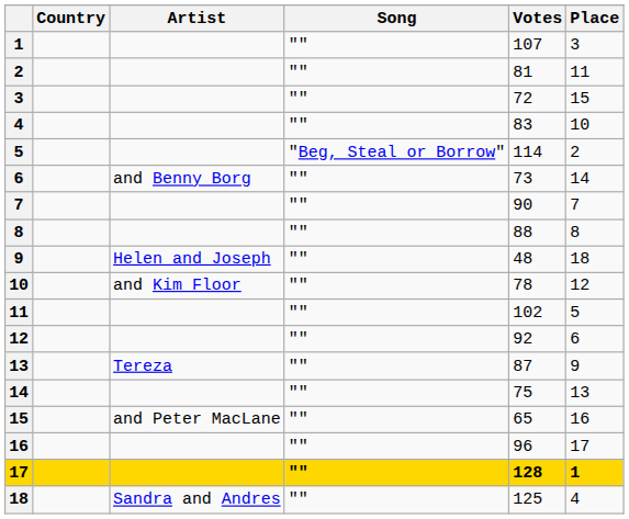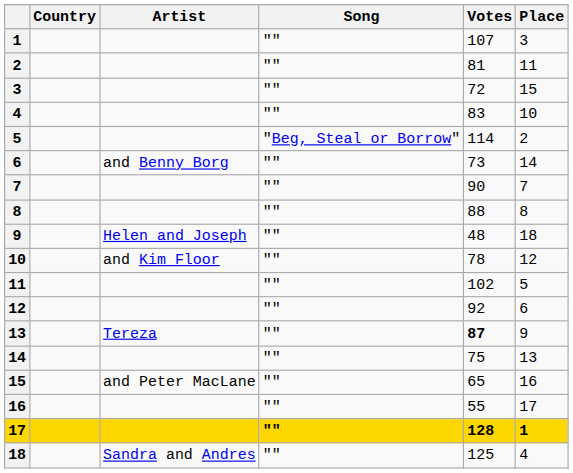 <table class="sortable wikitable plainrowheaders">
 <tr>
 </tr>
 <tr>
 <th scope="col"></th>
 <th scope="col">Country</th>
 <th scope="col">Artist</th>
 <th scope="col">Song</th>
 <th scope="col" class="unsortable">Votes</th>
 <th scope="col">Place</th>
 </tr>
 <tr>
 <th scope="row" style="text-align:center;">1</th>
 <td></td>
 <td></td>
 <td>""</td>
 <td>107</td>
 <td>3</td>
 </tr>
 <tr>
 <th scope="row" style="text-align:center;">2</th>
 <td></td>
 <td></td>
 <td>""</td>
 <td>81</td>
 <td>11</td>
 </tr>
 <tr>
 <th scope="row" style="text-align:center;">3</th>
 <td></td>
 <td></td>
 <td>""</td>
 <td>72</td>
 <td>15</td>
 </tr>
 <tr>
 <th scope="row" style="text-align:center;">4</th>
 <td></td>
 <td></td>
 <td>""</td>
 <td>83</td>
 <td>10</td>
 </tr>
 <tr>
 <th scope="row" style="text-align:center;">5</th>
 <td></td>
 <td></td>
 <td>"<a href='#'>Beg, Steal or Borrow</a>"</td>
 <td>114</td>
 <td>2</td>
 </tr>
 <tr>
 <th scope="row" style="text-align:center;">6</th>
 <td></td>
 <td> and <a href='#'>Benny Borg</a></td>
 <td>""</td>
 <td>73</td>
 <td>14</td>
 </tr>
 <tr>
 <th scope="row" style="text-align:center;">7</th>
 <td></td>
 <td></td>
 <td>""</td>
 <td>90</td>
 <td>7</td>
 </tr>
 <tr>
 <th scope="row" style="text-align:center;">8</th>
 <td></td>
 <td></td>
 <td>""</td>
 <td>88</td>
 <td>8</td>
 </tr>
 <tr>
 <th scope="row" style="text-align:center;">9</th>
 <td></td>
 <td><a href='#'>Helen and Joseph</a></td>
 <td>""</td>
 <td>48</td>
 <td>18</td>
 </tr>
 <tr>
 <th scope="row" style="text-align:center;">10</th>
 <td></td>
 <td> and <a href='#'>Kim Floor</a></td>
 <td>""</td>
 <td>78</td>
 <td>12</td>
 </tr>
 <tr>
 <th scope="row" style="text-align:center;">11</th>
 <td></td>
 <td></td>
 <td>""</td>
 <td>102</td>
 <td>5</td>
 </tr>
 <tr>
 <th scope="row" style="text-align:center;">12</th>
 <td></td>
 <td></td>
 <td>""</td>
 <td>92</td>
 <td>6</td>
 </tr>
 <tr>
 <th scope="row" style="text-align:center;">13</th>
 <td></td>
 <td><a href='#'>Tereza</a></td>
 <td>""</td>
-<td>87</td>
+<td><strong>87</strong></td>
 <td>9</td>
 </tr>
 <tr>
 <th scope="row" style="text-align:center;">14</th>
 <td></td>
 <td></td>
 <td>""</td>
 <td>75</td>
 <td>13</td>
 </tr>
 <tr>
 <th scope="row" style="text-align:center;">15</th>
 <td></td>
 <td> and Peter MacLane</td>
 <td>""</td>
 <td>65</td>
 <td>16</td>
 </tr>
 <tr>
 <th scope="row" style="text-align:center;">16</th>
 <td></td>
 <td></td>
 <td>""</td>
-<td>96</td>
+<td>55</td>
 <td>17</td>
 </tr>
 <tr style="font-weight:bold; background:gold;">
 <th scope="row" style="text-align:center; font-weight:bold; background:gold;">17</th>
 <td></td>
 <td></td>
 <td>""</td>
 <td>128</td>
 <td>1</td>
 </tr>
 <tr>
 <th scope="row" style="text-align:center;">18</th>
 <td></td>
 <td><a href='#'>Sandra</a> and <a href='#'>Andres</a></td>
 <td>""</td>
 <td>125</td>
 <td>4</td>
 </tr>
 </table>
